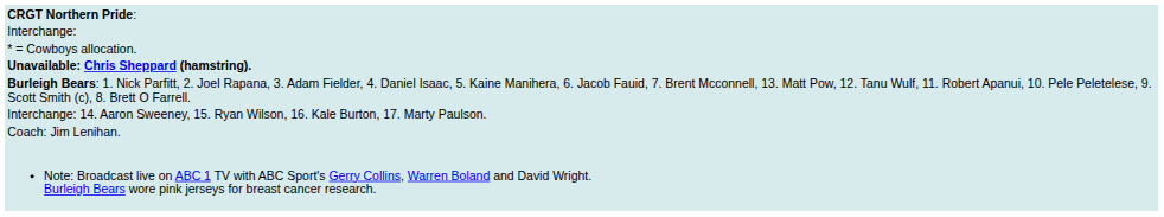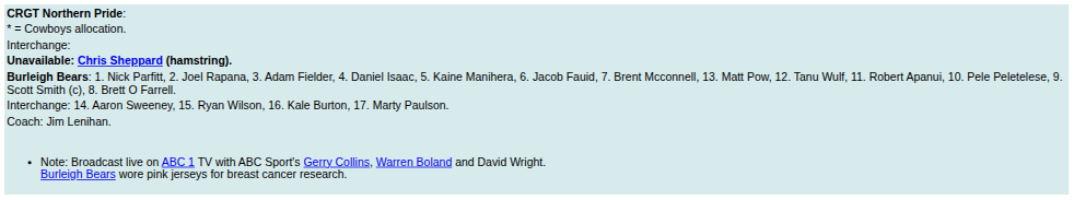 <table style="background:#d7ebed; font-size:85%; width:100%;">
 <tr>
 <td><strong>CRGT Northern Pride</strong>:             </td>
 </tr>
 <tr>
-<td>Interchange:    </td>
+<td>* = Cowboys allocation.</td>
 </tr>
 <tr>
-<td>* = Cowboys allocation.</td>
+<td>Interchange:    </td>
 </tr>
 <tr>
 <td><strong>Unavailable: <a href='#'>Chris Sheppard</a> (hamstring).</strong></td>
 </tr>
 <tr>
 <td><strong>Burleigh Bears</strong>: 1. Nick Parfitt, 2. Joel Rapana, 3. Adam Fielder, 4. Daniel Isaac, 5. Kaine Manihera, 6. Jacob Fauid, 7. Brent Mcconnell, 13. Matt Pow, 12. Tanu Wulf, 11. Robert Apanui, 10. Pele Peletelese, 9. Scott Smith (c), 8. Brett O Farrell.</td>
 </tr>
 <tr>
 <td>Interchange: 14. Aaron Sweeney, 15. Ryan Wilson, 16. Kale Burton, 17. Marty Paulson.</td>
 </tr>
 <tr>
 <td>Coach: Jim Lenihan.</td>
 </tr>
 <tr>
 <td><br><ul><li>Note: Broadcast live on <a href='#'>ABC 1</a> TV with ABC Sport's <a href='#'>Gerry Collins</a>, <a href='#'>Warren Boland</a> and David Wright.<br> <a href='#'>Burleigh Bears</a> wore pink jerseys for breast cancer research.</li></ul></td>
 </tr>
 </table>
